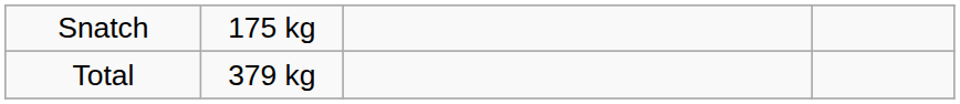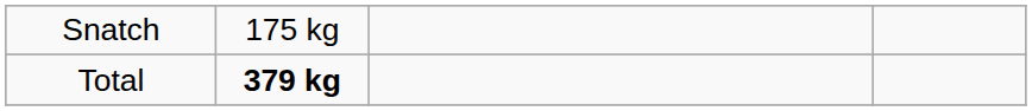 <table class = "wikitable" style="text-align:center;">
 <tr>
 <td width=100>Snatch</td>
 <td width=70>175 kg</td>
 <td width=250 align=left></td>
 <td width=70></td>
 </tr>
 <tr>
 <td>Total</td>
-<td>379 kg</td>
+<td><strong>379 kg</strong></td>
 <td align=left></td>
 <td></td>
 </tr>
 </table>
